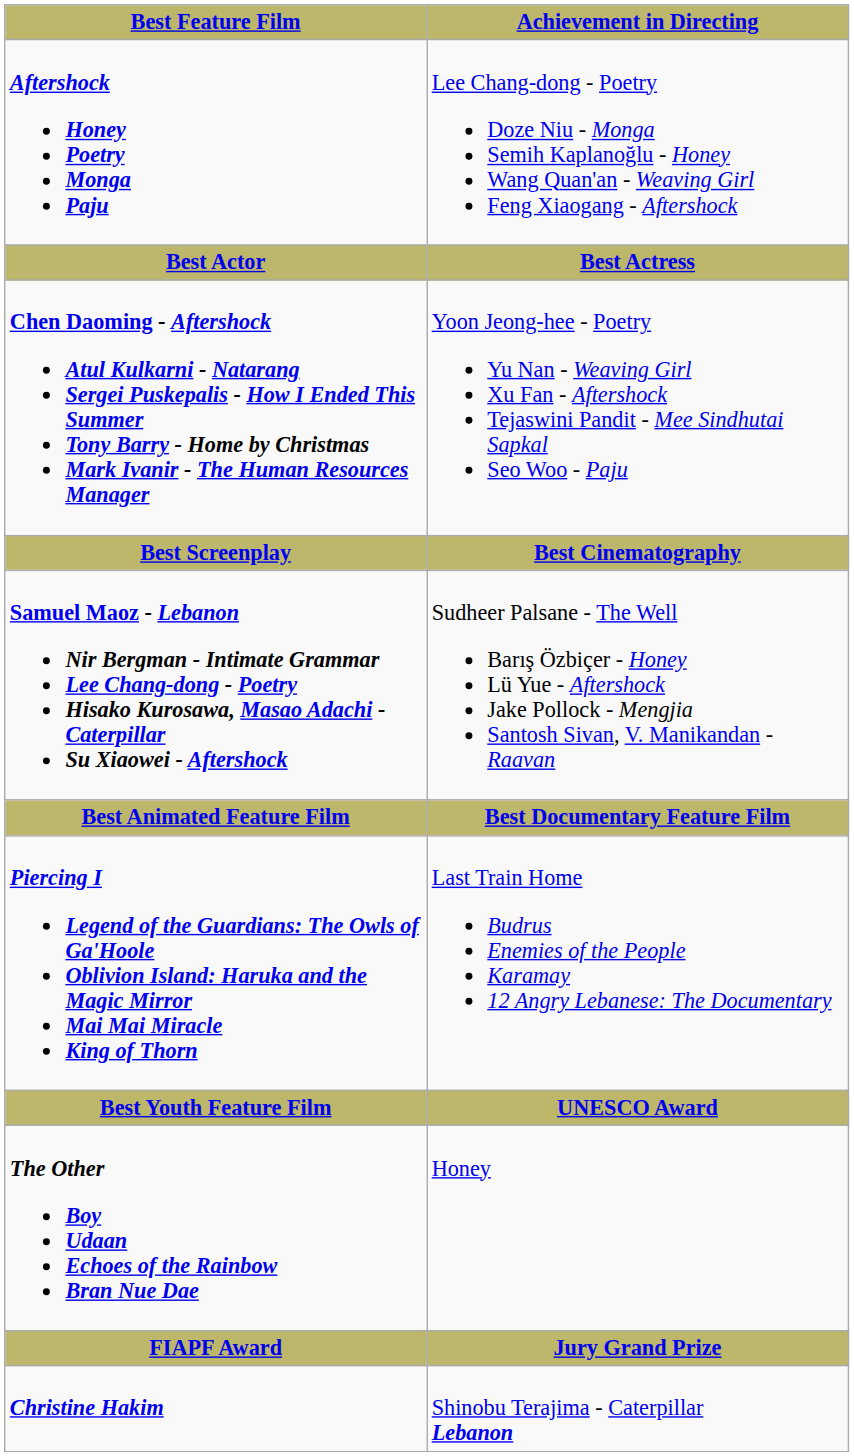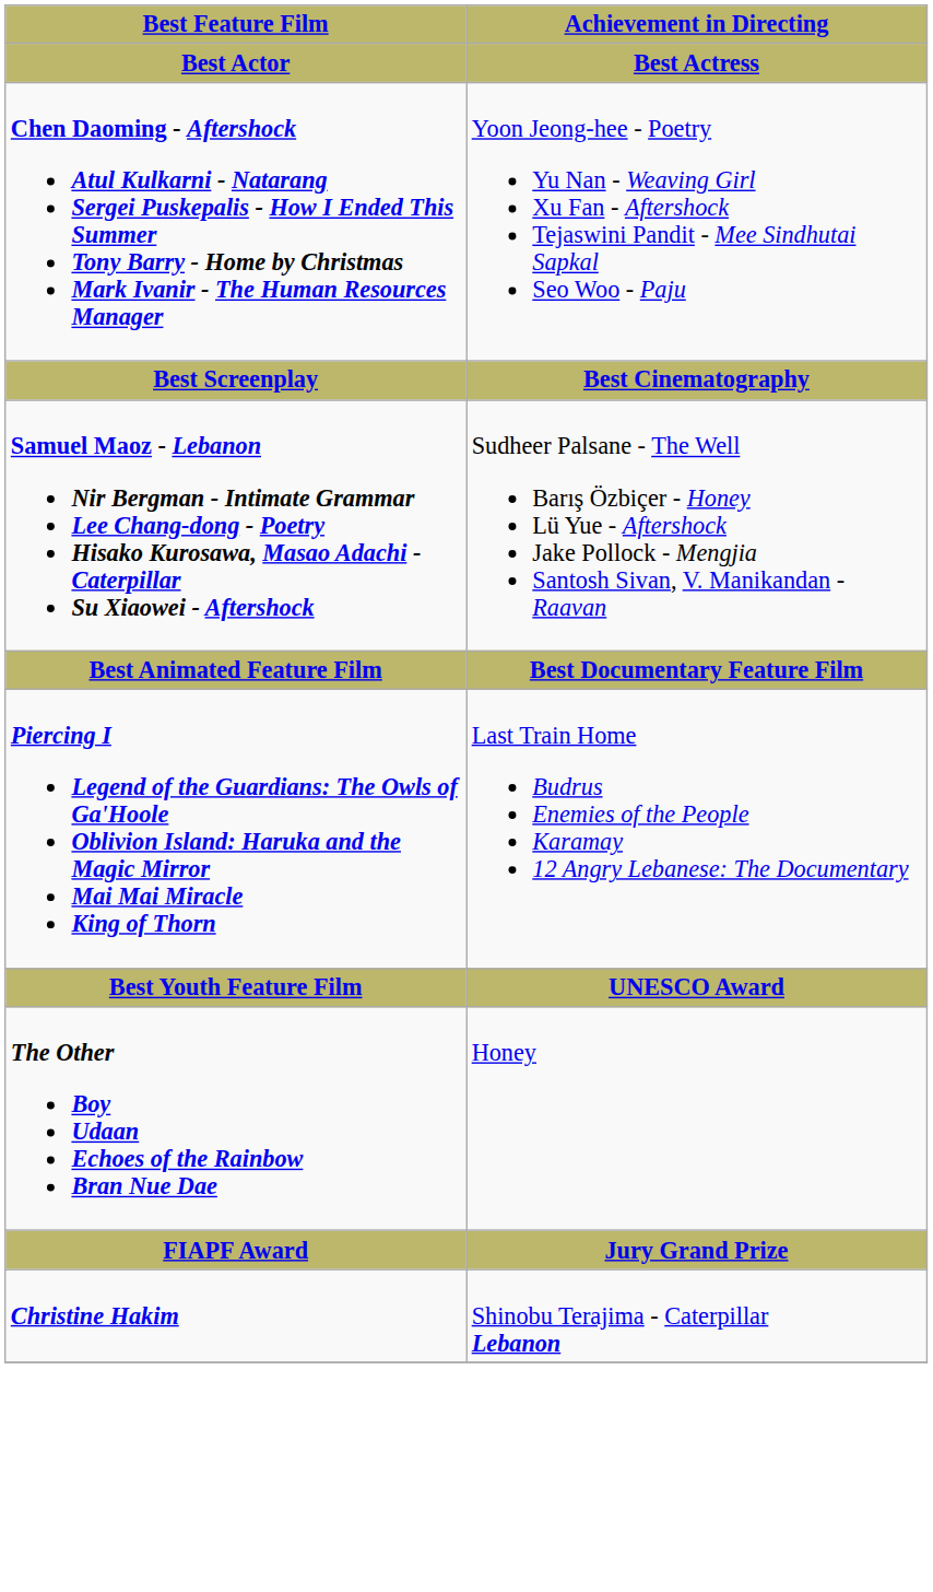 <table class=wikitable>
 <tr>
 <th style="background:#BDB76B; width: 50%"><a href='#'>Best Feature Film</a></th>
 <th style="background:#BDB76B; width: 50%"><a href='#'>Achievement in Directing</a></th>
-</tr>
-<tr>
-<td valign="top"><br><strong> <em><a href='#'>Aftershock</a><strong><em><ul><li> </em><a href='#'>Honey</a><em></li><li> </em><a href='#'>Poetry</a><em></li><li> </em><a href='#'>Monga</a><em></li><li> </em><a href='#'>Paju</a><em></li></ul></td>
-<td valign="top"><br></strong> <a href='#'>Lee Chang-dong</a> - </em><a href='#'>Poetry</a></em></strong><ul><li> <a href='#'>Doze Niu</a> - <em><a href='#'>Monga</a></em></li><li> <a href='#'>Semih Kaplanoğlu</a> - <em><a href='#'>Honey</a></em></li><li> <a href='#'>Wang Quan'an</a> - <em><a href='#'>Weaving Girl</a></em></li><li> <a href='#'>Feng Xiaogang</a> - <em><a href='#'>Aftershock</a></em></li></ul></td>
 </tr>
 <tr>
 <th style="background:#BDB76B; width: 50%"><a href='#'>Best Actor</a></th>
 <th style="background:#BDB76B; width: 50%"><a href='#'>Best Actress</a></th>
 </tr>
 <tr>
 <td valign="top"><br><strong> <a href='#'>Chen Daoming</a> - <em><a href='#'>Aftershock</a><strong><em><ul><li> <a href='#'>Atul Kulkarni</a> - </em><a href='#'>Natarang</a><em></li><li> <a href='#'>Sergei Puskepalis</a> - </em><a href='#'>How I Ended This Summer</a><em></li><li> <a href='#'>Tony Barry</a> - </em>Home by Christmas<em></li><li> <a href='#'>Mark Ivanir</a> - </em><a href='#'>The Human Resources Manager</a><em></li></ul></td>
 <td valign="top"><br></strong> <a href='#'>Yoon Jeong-hee</a> - </em><a href='#'>Poetry</a></em></strong><ul><li> <a href='#'>Yu Nan</a> - <em><a href='#'>Weaving Girl</a></em></li><li> <a href='#'>Xu Fan</a> - <em><a href='#'>Aftershock</a></em></li><li> <a href='#'>Tejaswini Pandit</a> - <em><a href='#'>Mee Sindhutai Sapkal</a></em></li><li> <a href='#'>Seo Woo</a> - <em><a href='#'>Paju</a></em></li></ul></td>
 </tr>
 <tr>
 <th style="background:#BDB76B; width: 50%"><a href='#'>Best Screenplay</a></th>
 <th style="background:#BDB76B; width: 50%"><a href='#'>Best Cinematography</a></th>
 </tr>
 <tr>
 <td valign="top"><br><strong> <a href='#'>Samuel Maoz</a> - <em><a href='#'>Lebanon</a><strong><em><ul><li> Nir Bergman - </em>Intimate Grammar<em></li><li> <a href='#'>Lee Chang-dong</a> - </em><a href='#'>Poetry</a><em></li><li> Hisako Kurosawa, <a href='#'>Masao Adachi</a> - </em><a href='#'>Caterpillar</a><em></li><li> Su Xiaowei - </em><a href='#'>Aftershock</a><em></li></ul></td>
 <td valign="top"><br></strong> Sudheer Palsane - </em><a href='#'>The Well</a></em></strong><ul><li> Barış Özbiçer - <em><a href='#'>Honey</a></em></li><li> Lü Yue - <em><a href='#'>Aftershock</a></em></li><li> Jake Pollock - <em>Mengjia</em></li><li> <a href='#'>Santosh Sivan</a>, <a href='#'>V. Manikandan</a> - <em><a href='#'>Raavan</a></em></li></ul></td>
 </tr>
 <tr>
 <th style="background:#BDB76B; width: 50%"><a href='#'>Best Animated Feature Film</a></th>
 <th style="background:#BDB76B; width: 50%"><a href='#'>Best Documentary Feature Film</a></th>
 </tr>
 <tr>
 <td valign="top"><br><strong> <em><a href='#'>Piercing I</a><strong><em><ul><li> </em><a href='#'>Legend of the Guardians: The Owls of Ga'Hoole</a><em></li><li> </em><a href='#'>Oblivion Island: Haruka and the Magic Mirror</a><em></li><li> </em><a href='#'>Mai Mai Miracle</a><em></li><li> </em><a href='#'>King of Thorn</a><em></li></ul></td>
 <td valign="top"><br></strong> </em><a href='#'>Last Train Home</a></em></strong><ul><li> <em><a href='#'>Budrus</a></em></li><li> <em><a href='#'>Enemies of the People</a></em></li><li> <em><a href='#'>Karamay</a></em></li><li> <em><a href='#'>12 Angry Lebanese: The Documentary</a></em></li></ul></td>
 </tr>
 <tr>
 <th style="background:#BDB76B; width: 50%"><a href='#'>Best Youth Feature Film</a></th>
 <th style="background:#BDB76B; width: 50%"><a href='#'>UNESCO Award</a></th>
 </tr>
 <tr>
 <td valign="top"><br><strong> <em>The Other<strong><em><ul><li> </em><a href='#'>Boy</a><em></li><li> </em><a href='#'>Udaan</a><em></li><li> </em><a href='#'>Echoes of the Rainbow</a><em></li><li> </em><a href='#'>Bran Nue Dae</a><em></li></ul></td>
 <td valign="top"><br></strong> </em><a href='#'>Honey</a></em></strong></td>
 </tr>
 <tr>
 <th style="background:#BDB76B; width: 50%"><a href='#'>FIAPF Award</a></th>
 <th style="background:#BDB76B; width: 50%"><a href='#'>Jury Grand Prize</a></th>
 </tr>
 <tr>
 <td valign="top"><br><strong> <em><a href='#'>Christine Hakim</a><strong><em></td>
 <td valign="top"><br></strong> <a href='#'>Shinobu Terajima</a> - </em><a href='#'>Caterpillar</a></em></strong> <br> <strong> <em><a href='#'>Lebanon</a><strong><em></td>
 </tr>
 <tr>
 </tr>
 </table>
